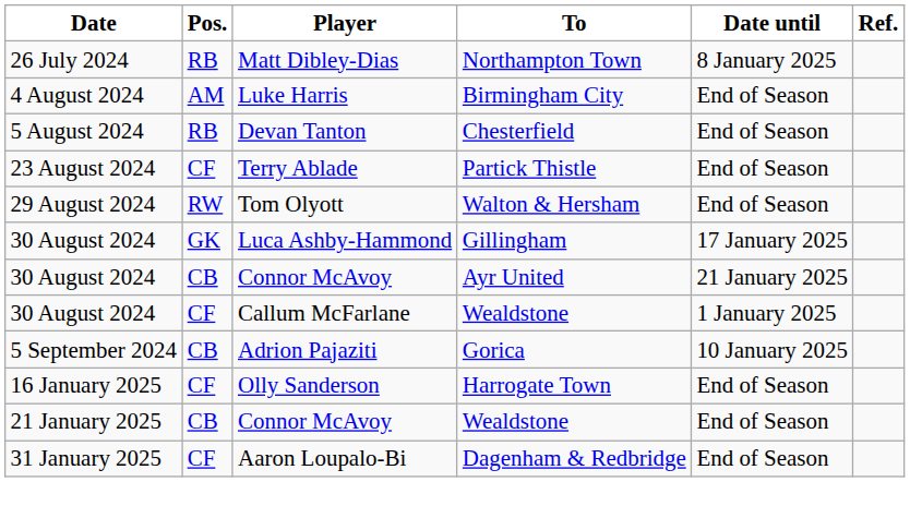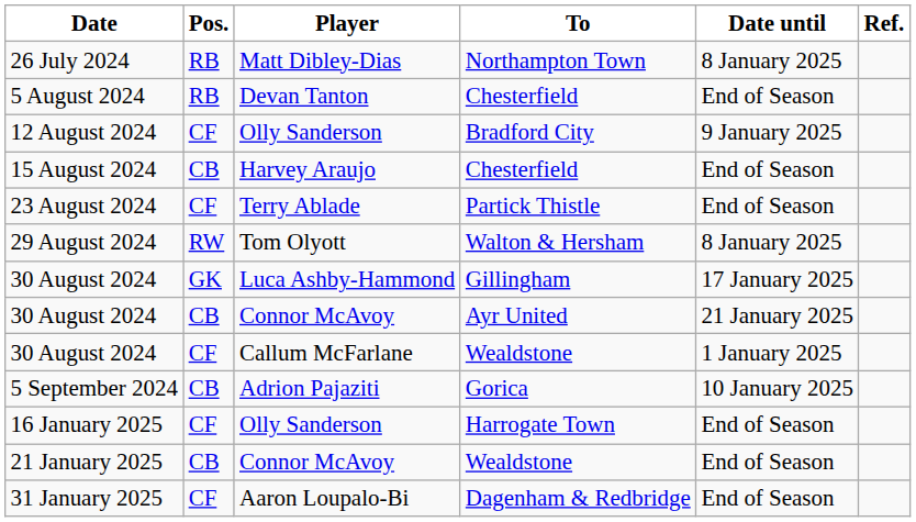 <table class="wikitable plainrowheaders sortable">
 <tr>
 <th style="background:white;color:black; ">Date</th>
 <th style="background:white;color:black; ">Pos.</th>
 <th style="background:white;color:black; ">Player</th>
 <th style="background:white;color:black; ">To</th>
 <th style="background:white;color:black; ">Date until</th>
 <th style="background:white;color:black; ">Ref.</th>
 </tr>
 <tr>
 <td>26 July 2024</td>
 <td><a href='#'>RB</a></td>
 <td> <a href='#'>Matt Dibley-Dias</a></td>
 <td> <a href='#'>Northampton Town</a></td>
 <td>8 January 2025</td>
 <td></td>
 </tr>
 <tr>
-<td>4 August 2024</td>
-<td><a href='#'>AM</a></td>
-<td> <a href='#'>Luke Harris</a></td>
-<td> <a href='#'>Birmingham City</a></td>
+<td>5 August 2024</td>
+<td><a href='#'>RB</a></td>
+<td> <a href='#'>Devan Tanton</a></td>
+<td> <a href='#'>Chesterfield</a></td>
 <td>End of Season</td>
 <td></td>
 </tr>
 <tr>
-<td>5 August 2024</td>
-<td><a href='#'>RB</a></td>
-<td> <a href='#'>Devan Tanton</a></td>
+<td>12 August 2024</td>
+<td><a href='#'>CF</a></td>
+<td> <a href='#'>Olly Sanderson</a></td>
+<td> <a href='#'>Bradford City</a></td>
+<td>9 January 2025</td>
+<td></td>
+</tr>
+<tr>
+<td>15 August 2024</td>
+<td><a href='#'>CB</a></td>
+<td> <a href='#'>Harvey Araujo</a></td>
 <td> <a href='#'>Chesterfield</a></td>
 <td>End of Season</td>
 <td></td>
 </tr>
 <tr>
 <td>23 August 2024</td>
 <td><a href='#'>CF</a></td>
 <td> <a href='#'>Terry Ablade</a></td>
 <td> <a href='#'>Partick Thistle</a></td>
 <td>End of Season</td>
 <td></td>
 </tr>
 <tr>
 <td>29 August 2024</td>
 <td><a href='#'>RW</a></td>
 <td> Tom Olyott</td>
 <td> <a href='#'>Walton & Hersham</a></td>
-<td>End of Season</td>
+<td>8 January 2025</td>
 <td></td>
 </tr>
 <tr>
 <td>30 August 2024</td>
 <td><a href='#'>GK</a></td>
 <td> <a href='#'>Luca Ashby-Hammond</a></td>
 <td> <a href='#'>Gillingham</a></td>
 <td>17 January 2025</td>
 <td></td>
 </tr>
 <tr>
 <td>30 August 2024</td>
 <td><a href='#'>CB</a></td>
 <td> <a href='#'>Connor McAvoy</a></td>
 <td> <a href='#'>Ayr United</a></td>
 <td>21 January 2025</td>
 <td></td>
 </tr>
 <tr>
 <td>30 August 2024</td>
 <td><a href='#'>CF</a></td>
 <td> Callum McFarlane</td>
 <td> <a href='#'>Wealdstone</a></td>
 <td>1 January 2025</td>
 <td></td>
 </tr>
 <tr>
 <td>5 September 2024</td>
 <td><a href='#'>CB</a></td>
 <td> <a href='#'>Adrion Pajaziti</a></td>
 <td> <a href='#'>Gorica</a></td>
 <td>10 January 2025</td>
 <td></td>
 </tr>
 <tr>
 <td>16 January 2025</td>
 <td><a href='#'>CF</a></td>
 <td> <a href='#'>Olly Sanderson</a></td>
 <td> <a href='#'>Harrogate Town</a></td>
 <td>End of Season</td>
 <td></td>
 </tr>
 <tr>
 <td>21 January 2025</td>
 <td><a href='#'>CB</a></td>
 <td> <a href='#'>Connor McAvoy</a></td>
 <td> <a href='#'>Wealdstone</a></td>
 <td>End of Season</td>
 <td></td>
 </tr>
 <tr>
 <td>31 January 2025</td>
 <td><a href='#'>CF</a></td>
 <td> Aaron Loupalo-Bi</td>
 <td> <a href='#'>Dagenham & Redbridge</a></td>
 <td>End of Season</td>
 <td></td>
 </tr>
 </table>
